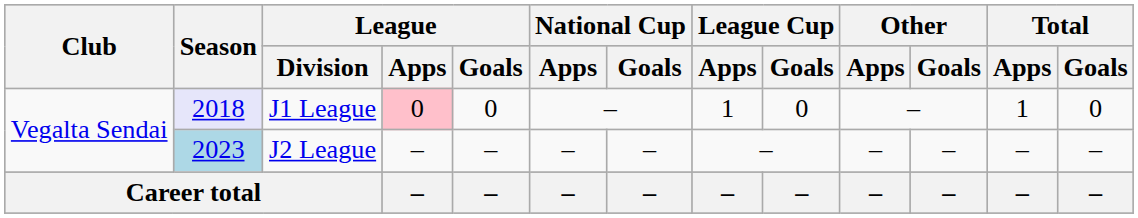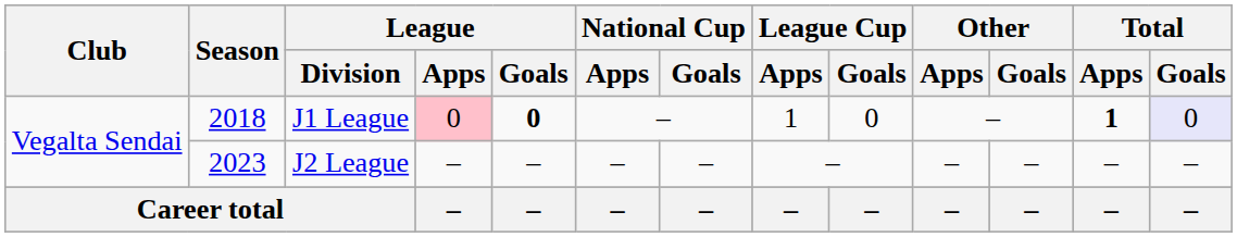 <table class="wikitable" style="text-align: center">
 <tr>
 <th rowspan="2">Club</th>
 <th rowspan="2">Season</th>
 <th colspan="3">League</th>
 <th colspan="2">National Cup</th>
 <th colspan="2">League Cup</th>
 <th colspan="2">Other</th>
 <th colspan="2">Total</th>
 </tr>
 <tr>
 <th>Division</th>
 <th>Apps</th>
 <th>Goals</th>
 <th>Apps</th>
 <th>Goals</th>
 <th>Apps</th>
 <th>Goals</th>
 <th>Apps</th>
 <th>Goals</th>
 <th>Apps</th>
 <th>Goals</th>
 </tr>
 <tr>
 <td rowspan="2"><a href='#'>Vegalta Sendai</a></td>
-<td style="background: lavender;"><a href='#'>2018</a></td>
+<td><a href='#'>2018</a></td>
 <td><a href='#'>J1 League</a></td>
 <td style="background: pink;">0</td>
-<td>0</td>
+<td><strong>0</strong></td>
 <td colspan="2">–</td>
 <td>1</td>
 <td>0</td>
 <td colspan="2">–</td>
-<td>1</td>
-<td>0</td>
+<td><strong>1</strong></td>
+<td style="background: lavender;">0</td>
 </tr>
 <tr>
-<td style="background: lightblue;"><a href='#'>2023</a></td>
+<td><a href='#'>2023</a></td>
 <td><a href='#'>J2 League</a></td>
 <td>–</td>
 <td>–</td>
 <td>–</td>
 <td>–</td>
 <td colspan="2">–</td>
 <td>–</td>
 <td>–</td>
 <td>–</td>
 <td>–</td>
 </tr>
 <tr>
 <th colspan="3">Career total</th>
 <th>–</th>
 <th>–</th>
 <th>–</th>
 <th>–</th>
 <th>–</th>
 <th>–</th>
 <th>–</th>
 <th>–</th>
 <th>–</th>
 <th>–</th>
 </tr>
 </table>
